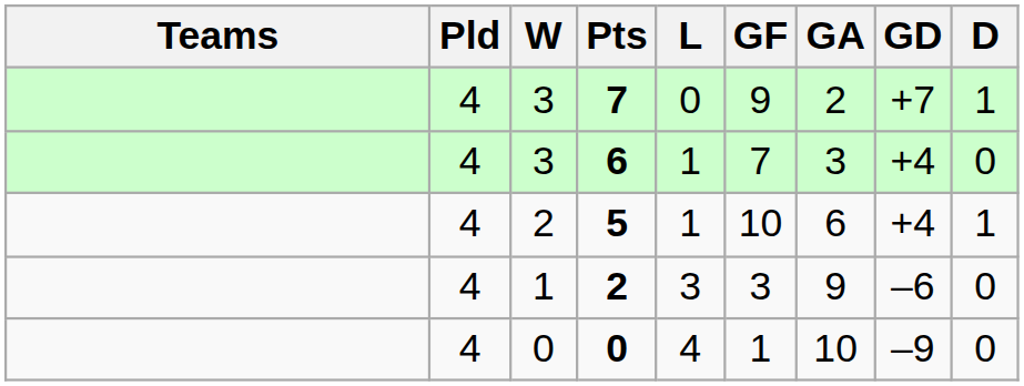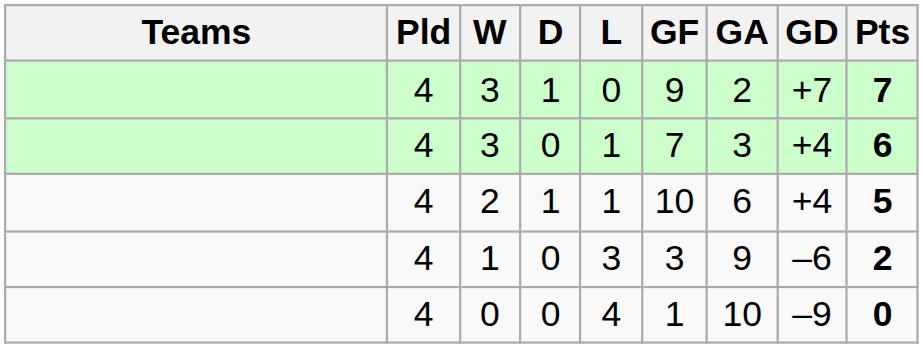 <table class="wikitable" style="text-align: center;">
 <tr>
 <th width=165>Teams</th>
 <th width=20>Pld</th>
 <th width=20>W</th>
-<th width=20>Pts</th>
+<th width=20>D</th>
 <th width=20>L</th>
 <th width=20>GF</th>
 <th width=20>GA</th>
 <th width=20>GD</th>
-<th width=20>D</th>
+<th width=20>Pts</th>
 </tr>
 <tr align=center style="background:#ccffcc;">
 <td style="text-align:left;"></td>
 <td>4</td>
 <td>3</td>
-<td><strong>7</strong></td>
+<td>1</td>
 <td>0</td>
 <td>9</td>
 <td>2</td>
 <td>+7</td>
-<td>1</td>
+<td><strong>7</strong></td>
 </tr>
 <tr align=center style="background:#ccffcc;">
 <td style="text-align:left;"></td>
 <td>4</td>
 <td>3</td>
-<td><strong>6</strong></td>
+<td>0</td>
 <td>1</td>
 <td>7</td>
 <td>3</td>
 <td>+4</td>
-<td>0</td>
+<td><strong>6</strong></td>
 </tr>
 <tr align=center>
 <td style="text-align:left;"></td>
 <td>4</td>
 <td>2</td>
-<td><strong>5</strong></td>
+<td>1</td>
 <td>1</td>
 <td>10</td>
 <td>6</td>
 <td>+4</td>
-<td>1</td>
+<td><strong>5</strong></td>
 </tr>
 <tr align=center>
 <td style="text-align:left;"></td>
 <td>4</td>
 <td>1</td>
-<td><strong>2</strong></td>
+<td>0</td>
 <td>3</td>
 <td>3</td>
 <td>9</td>
 <td>–6</td>
-<td>0</td>
+<td><strong>2</strong></td>
 </tr>
 <tr align=center>
 <td style="text-align:left;"></td>
 <td>4</td>
 <td>0</td>
-<td><strong>0</strong></td>
+<td>0</td>
 <td>4</td>
 <td>1</td>
 <td>10</td>
 <td>–9</td>
-<td>0</td>
+<td><strong>0</strong></td>
 </tr>
 </table>
